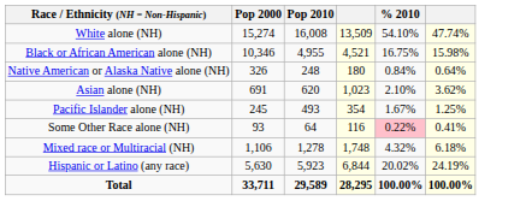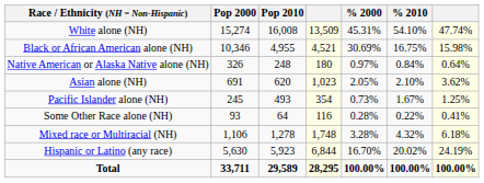 <table class="wikitable" style="text-align:center;">
 <tr>
 <th>Race / Ethnicity <small>(<em>NH = Non-Hispanic</em>)</small></th>
 <th>Pop 2000</th>
 <th>Pop 2010</th>
 <th></th>
+<th>% 2000</th>
 <th>% 2010</th>
 <th></th>
 </tr>
 <tr>
 <td><a href='#'>White</a> alone (NH)</td>
 <td>15,274</td>
 <td>16,008</td>
 <td style='background: #ffffe6;'>13,509</td>
+<td>45.31%</td>
 <td>54.10%</td>
 <td style='background: #ffffe6;'>47.74%</td>
 </tr>
 <tr>
 <td><a href='#'>Black or African American</a> alone (NH)</td>
 <td>10,346</td>
 <td>4,955</td>
 <td style='background: #ffffe6;'>4,521</td>
+<td>30.69%</td>
 <td>16.75%</td>
 <td style='background: #ffffe6;'>15.98%</td>
 </tr>
 <tr>
 <td><a href='#'>Native American</a> or <a href='#'>Alaska Native</a> alone (NH)</td>
 <td>326</td>
 <td>248</td>
 <td style='background: #ffffe6;'>180</td>
+<td>0.97%</td>
 <td>0.84%</td>
 <td style='background: #ffffe6;'>0.64%</td>
 </tr>
 <tr>
 <td><a href='#'>Asian</a> alone (NH)</td>
 <td>691</td>
 <td>620</td>
 <td style='background: #ffffe6;'>1,023</td>
+<td>2.05%</td>
 <td>2.10%</td>
 <td style='background: #ffffe6;'>3.62%</td>
 </tr>
 <tr>
 <td><a href='#'>Pacific Islander</a> alone (NH)</td>
 <td>245</td>
 <td>493</td>
 <td style='background: #ffffe6;'>354</td>
+<td>0.73%</td>
 <td>1.67%</td>
 <td style='background: #ffffe6;'>1.25%</td>
 </tr>
 <tr>
 <td>Some Other Race alone (NH)</td>
 <td>93</td>
 <td>64</td>
 <td style='background: #ffffe6;'>116</td>
-<td style="background: pink;">0.22%</td>
+<td>0.28%</td>
+<td>0.22%</td>
 <td style='background: #ffffe6;'>0.41%</td>
 </tr>
 <tr>
 <td><a href='#'>Mixed race or Multiracial</a> (NH)</td>
 <td>1,106</td>
 <td>1,278</td>
 <td style='background: #ffffe6;'>1,748</td>
+<td>3.28%</td>
 <td>4.32%</td>
 <td style='background: #ffffe6;'>6.18%</td>
 </tr>
 <tr>
 <td><a href='#'>Hispanic or Latino</a> (any race)</td>
 <td>5,630</td>
 <td>5,923</td>
 <td style='background: #ffffe6;'>6,844</td>
+<td>16.70%</td>
 <td>20.02%</td>
 <td style='background: #ffffe6;'>24.19%</td>
 </tr>
 <tr>
 <td><strong>Total</strong></td>
 <td><strong>33,711</strong></td>
 <td><strong>29,589</strong></td>
 <td style='background: #ffffe6;'><strong>28,295</strong></td>
 <td><strong>100.00%</strong></td>
+<td><strong>100.00%</strong></td>
 <td style='background: #ffffe6;'><strong>100.00%</strong></td>
 </tr>
 </table>
